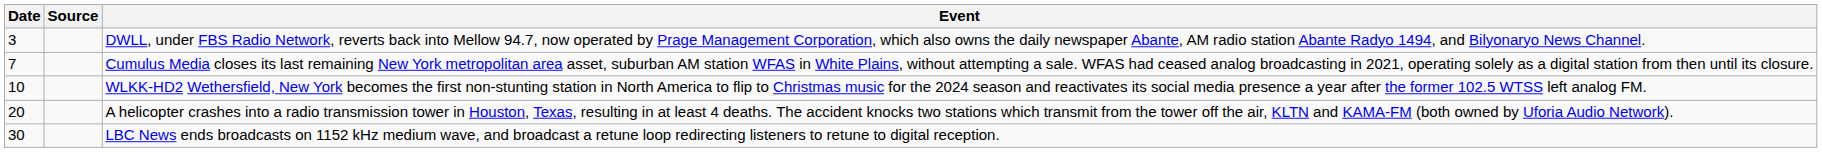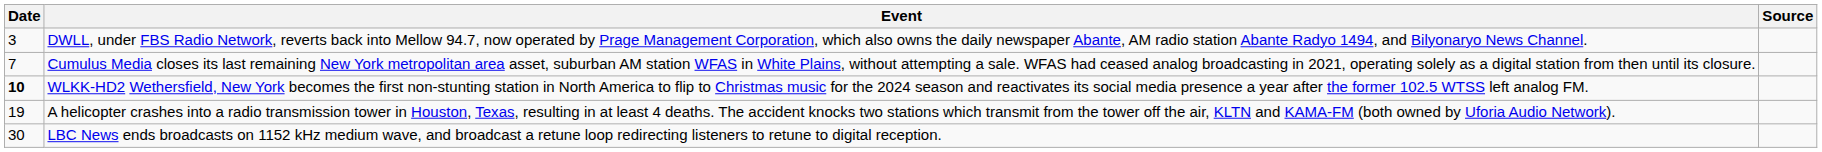 <table class=wikitable>
 <tr>
 <th>Date</th>
+<th>Event</th>
 <th>Source</th>
-<th>Event</th>
 </tr>
 <tr>
 <td>3</td>
+<td><a href='#'>DWLL</a>, under <a href='#'>FBS Radio Network</a>, reverts back into Mellow 94.7, now operated by <a href='#'>Prage Management Corporation</a>, which also owns the daily newspaper <a href='#'>Abante</a>, AM radio station <a href='#'>Abante Radyo 1494</a>, and <a href='#'>Bilyonaryo News Channel</a>.</td>
 <td></td>
-<td><a href='#'>DWLL</a>, under <a href='#'>FBS Radio Network</a>, reverts back into Mellow 94.7, now operated by <a href='#'>Prage Management Corporation</a>, which also owns the daily newspaper <a href='#'>Abante</a>, AM radio station <a href='#'>Abante Radyo 1494</a>, and <a href='#'>Bilyonaryo News Channel</a>.</td>
 </tr>
 <tr>
 <td>7</td>
+<td><a href='#'>Cumulus Media</a> closes its last remaining <a href='#'>New York metropolitan area</a> asset, suburban AM station <a href='#'>WFAS</a> in <a href='#'>White Plains</a>, without attempting a sale. WFAS had ceased analog broadcasting in 2021, operating solely as a digital station from then until its closure.</td>
 <td></td>
-<td><a href='#'>Cumulus Media</a> closes its last remaining <a href='#'>New York metropolitan area</a> asset, suburban AM station <a href='#'>WFAS</a> in <a href='#'>White Plains</a>, without attempting a sale. WFAS had ceased analog broadcasting in 2021, operating solely as a digital station from then until its closure.</td>
 </tr>
 <tr>
-<td>10</td>
+<td><strong>10</strong></td>
+<td><a href='#'>WLKK-HD2</a> <a href='#'>Wethersfield, New York</a> becomes the first non-stunting station in North America to flip to <a href='#'>Christmas music</a> for the 2024 season and reactivates its social media presence a year after <a href='#'>the former 102.5 WTSS</a> left analog FM.</td>
 <td></td>
-<td><a href='#'>WLKK-HD2</a> <a href='#'>Wethersfield, New York</a> becomes the first non-stunting station in North America to flip to <a href='#'>Christmas music</a> for the 2024 season and reactivates its social media presence a year after <a href='#'>the former 102.5 WTSS</a> left analog FM.</td>
 </tr>
 <tr>
-<td>20</td>
+<td>19</td>
+<td>A helicopter crashes into a radio transmission tower in <a href='#'>Houston</a>, <a href='#'>Texas</a>, resulting in at least 4 deaths. The accident knocks two stations which transmit from the tower off the air, <a href='#'>KLTN</a> and <a href='#'>KAMA-FM</a> (both owned by <a href='#'>Uforia Audio Network</a>).</td>
 <td></td>
-<td>A helicopter crashes into a radio transmission tower in <a href='#'>Houston</a>, <a href='#'>Texas</a>, resulting in at least 4 deaths. The accident knocks two stations which transmit from the tower off the air, <a href='#'>KLTN</a> and <a href='#'>KAMA-FM</a> (both owned by <a href='#'>Uforia Audio Network</a>).</td>
 </tr>
 <tr>
 <td>30</td>
+<td><a href='#'>LBC News</a> ends broadcasts on 1152 kHz medium wave, and broadcast a retune loop redirecting listeners to retune to digital reception.</td>
 <td></td>
-<td><a href='#'>LBC News</a> ends broadcasts on 1152 kHz medium wave, and broadcast a retune loop redirecting listeners to retune to digital reception.</td>
 </tr>
 </table>
